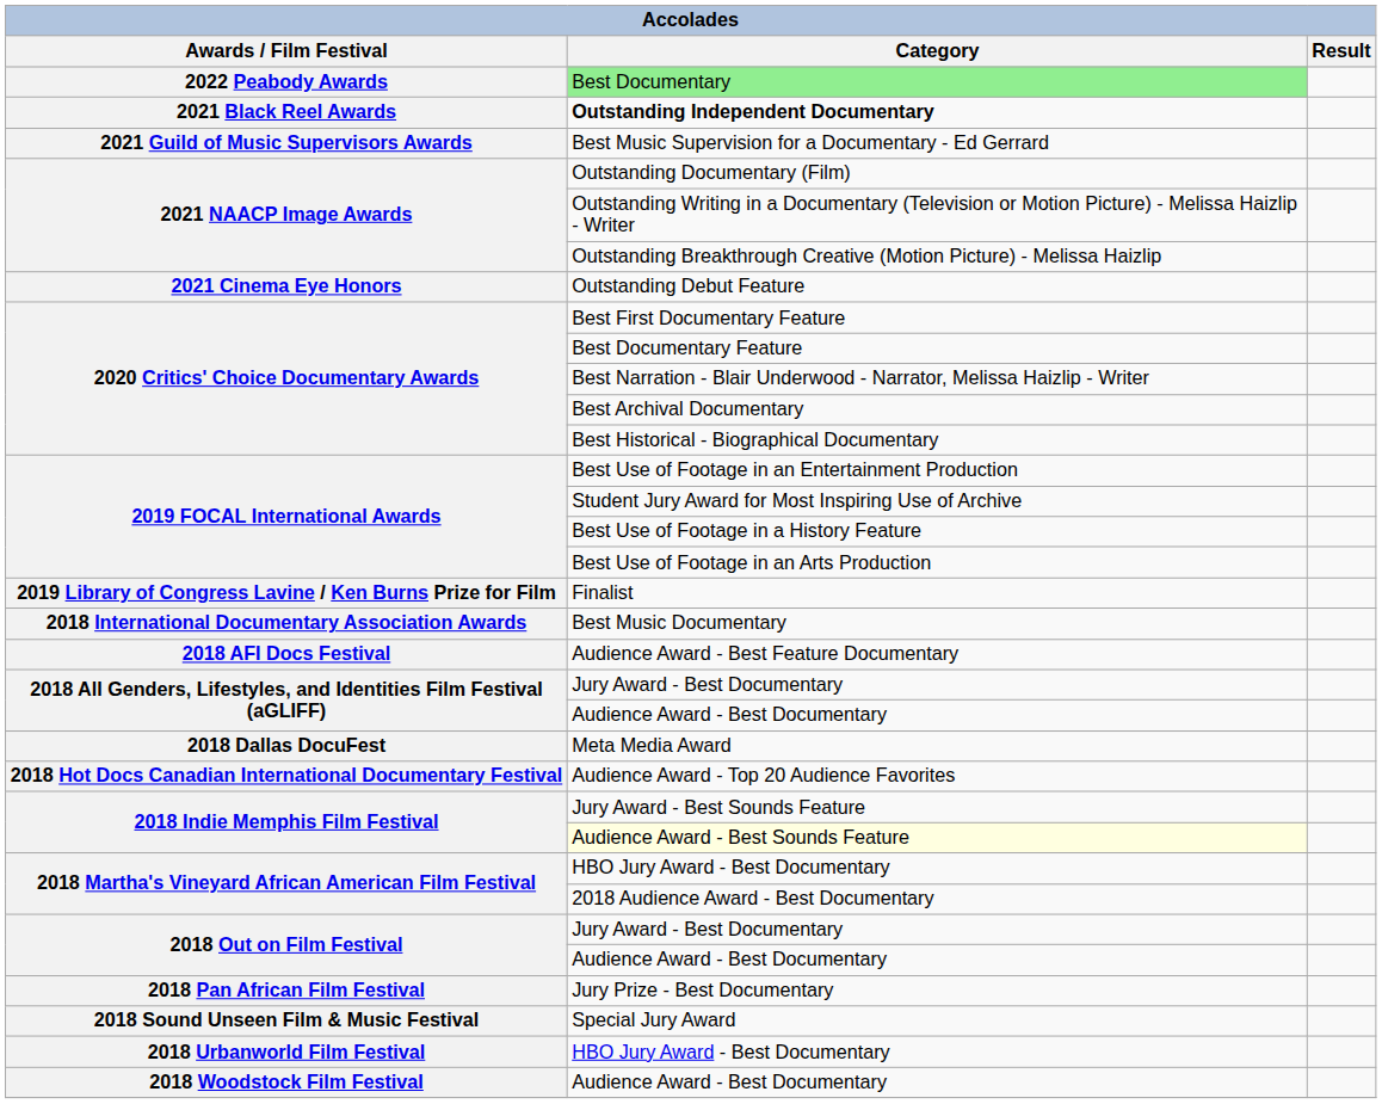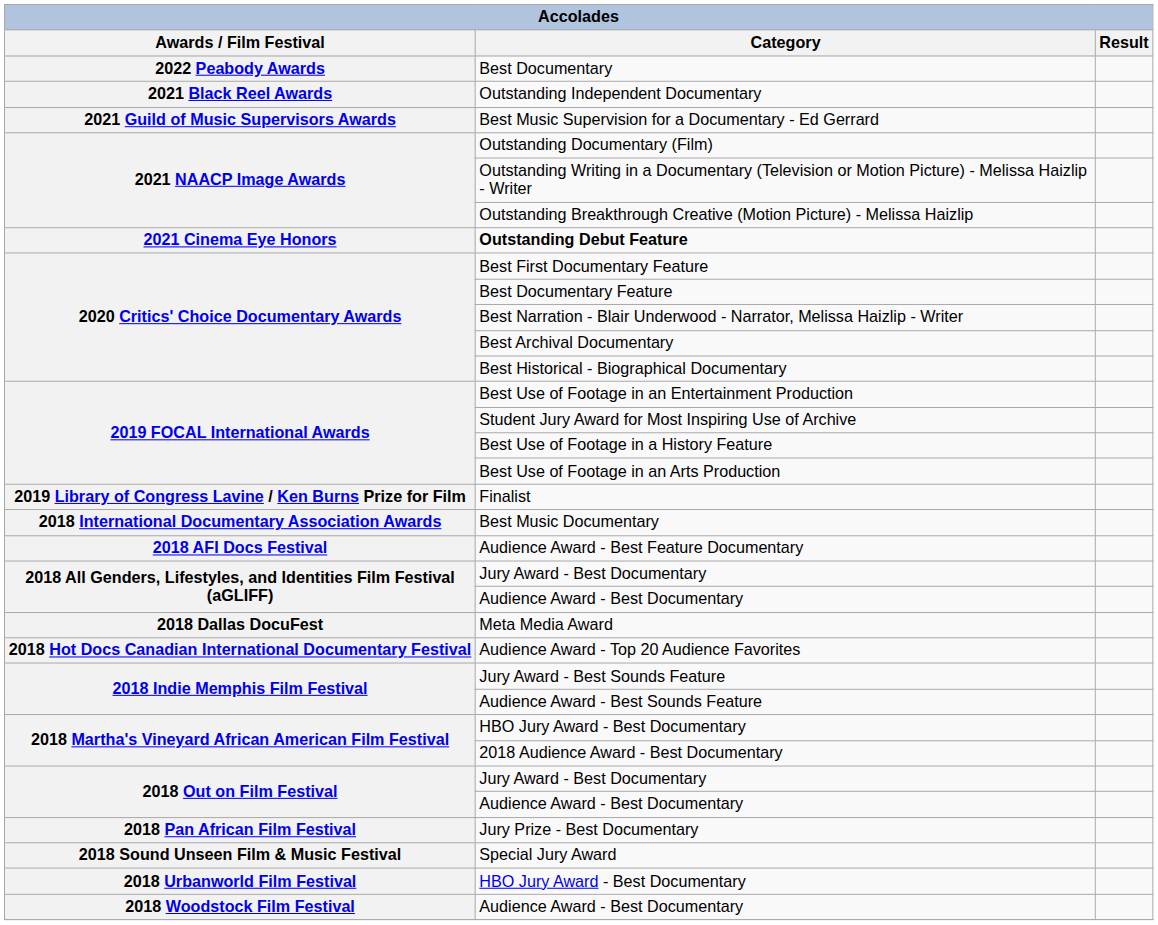 <table class="wikitable plainrowheaders" width="90%">
 <tr style="background:#ccc; text-align:center;">
 <th colspan="5" style="background: LightSteelBlue;">Accolades</th>
 </tr>
 <tr style="background:#ccc; text-align:center;">
 <th scope="col">Awards / Film Festival</th>
 <th scope="col">Category</th>
 <th scope="col">Result</th>
 </tr>
 <tr>
 <th scope="row" rowspan=1>2022 <a href='#'>Peabody Awards</a></th>
-<td style="background: lightgreen;">Best Documentary</td>
+<td>Best Documentary</td>
 <td></td>
 </tr>
 <tr>
 <th scope="row" rowspan=1>2021 <a href='#'>Black Reel Awards</a></th>
-<td><strong>Outstanding Independent Documentary</strong></td>
+<td>Outstanding Independent Documentary</td>
 <td></td>
 </tr>
 <tr>
 <th scope="row" rowspan=1>2021 <a href='#'>Guild of Music Supervisors Awards</a></th>
 <td>Best Music Supervision for a Documentary - Ed Gerrard</td>
 <td></td>
 </tr>
 <tr>
 <th scope="row" rowspan=3>2021 <a href='#'>NAACP Image Awards</a></th>
 <td>Outstanding Documentary (Film)</td>
 <td></td>
 </tr>
 <tr>
 <td>Outstanding Writing in a Documentary (Television or Motion Picture) - Melissa Haizlip - Writer</td>
 <td></td>
 </tr>
 <tr>
 <td>Outstanding Breakthrough Creative (Motion Picture) - Melissa Haizlip</td>
 <td></td>
 </tr>
 <tr>
 <th scope="row"><a href='#'>2021 Cinema Eye Honors</a></th>
-<td>Outstanding Debut Feature</td>
+<td><strong>Outstanding Debut Feature</strong></td>
 <td></td>
 </tr>
 <tr>
 <th scope="row" rowspan=5>2020 <a href='#'>Critics' Choice Documentary Awards</a></th>
 <td>Best First Documentary Feature</td>
 <td></td>
 </tr>
 <tr>
 <td>Best Documentary Feature</td>
 <td></td>
 </tr>
 <tr>
 <td>Best Narration - Blair Underwood - Narrator, Melissa Haizlip - Writer</td>
 <td></td>
 </tr>
 <tr>
 <td>Best Archival Documentary</td>
 <td></td>
 </tr>
 <tr>
 <td>Best Historical - Biographical Documentary</td>
 <td></td>
 </tr>
 <tr>
 <th scope="row" rowspan=4><a href='#'>2019 FOCAL International Awards</a></th>
 <td>Best Use of Footage in an Entertainment Production</td>
 <td></td>
 </tr>
 <tr>
 <td>Student Jury Award for Most Inspiring Use of Archive</td>
 <td></td>
 </tr>
 <tr>
 <td>Best Use of Footage in a History Feature</td>
 <td></td>
 </tr>
 <tr>
 <td>Best Use of Footage in an Arts Production</td>
 <td></td>
 </tr>
 <tr>
 <th scope="row">2019 <a href='#'>Library of Congress Lavine</a> / <a href='#'>Ken Burns</a> Prize for Film</th>
 <td>Finalist</td>
 <td></td>
 </tr>
 <tr>
 <th scope="row">2018 <a href='#'>International Documentary Association Awards</a></th>
 <td>Best Music Documentary</td>
 <td></td>
 </tr>
 <tr>
 <th scope="row"><a href='#'>2018 AFI Docs Festival</a></th>
 <td>Audience Award - Best Feature Documentary</td>
 <td></td>
 </tr>
 <tr>
 <th scope="row" rowspan=2>2018 All Genders, Lifestyles, and Identities Film Festival (aGLIFF)</th>
 <td>Jury Award - Best Documentary</td>
 <td></td>
 </tr>
 <tr>
 <td>Audience Award - Best Documentary</td>
 <td></td>
 </tr>
 <tr>
 <th scope="row">2018 Dallas DocuFest</th>
 <td>Meta Media Award</td>
 <td></td>
 </tr>
 <tr>
 <th scope="row">2018 <a href='#'>Hot Docs Canadian International Documentary Festival</a></th>
 <td>Audience Award - Top 20 Audience Favorites</td>
 <td></td>
 </tr>
 <tr>
 <th scope="row" rowspan=2><a href='#'>2018 Indie Memphis Film Festival</a></th>
 <td>Jury Award - Best Sounds Feature</td>
 <td></td>
 </tr>
 <tr>
-<td style="background: lightyellow;">Audience Award - Best Sounds Feature</td>
+<td>Audience Award - Best Sounds Feature</td>
 <td></td>
 </tr>
 <tr>
 <th scope="row" rowspan=2>2018 <a href='#'>Martha's Vineyard African American Film Festival</a></th>
 <td>HBO Jury Award - Best Documentary</td>
 <td></td>
 </tr>
 <tr>
 <td>2018 Audience Award - Best Documentary</td>
 <td></td>
 </tr>
 <tr>
 <th scope="row" rowspan=2>2018 <a href='#'>Out on Film Festival</a></th>
 <td>Jury Award - Best Documentary</td>
 <td></td>
 </tr>
 <tr>
 <td>Audience Award - Best Documentary</td>
 <td></td>
 </tr>
 <tr>
 <th scope="row">2018 <a href='#'>Pan African Film Festival</a></th>
 <td>Jury Prize - Best Documentary</td>
 <td></td>
 </tr>
 <tr>
 <th scope="row">2018 Sound Unseen Film & Music Festival</th>
 <td>Special Jury Award</td>
 <td></td>
 </tr>
 <tr>
 <th scope="row">2018 <a href='#'>Urbanworld Film Festival</a></th>
 <td><a href='#'>HBO Jury Award</a> - Best Documentary</td>
 <td></td>
 </tr>
 <tr>
 <th scope="row">2018 <a href='#'>Woodstock Film Festival</a></th>
 <td>Audience Award - Best Documentary</td>
 <td></td>
 </tr>
 <tr>
 </tr>
 </table>
